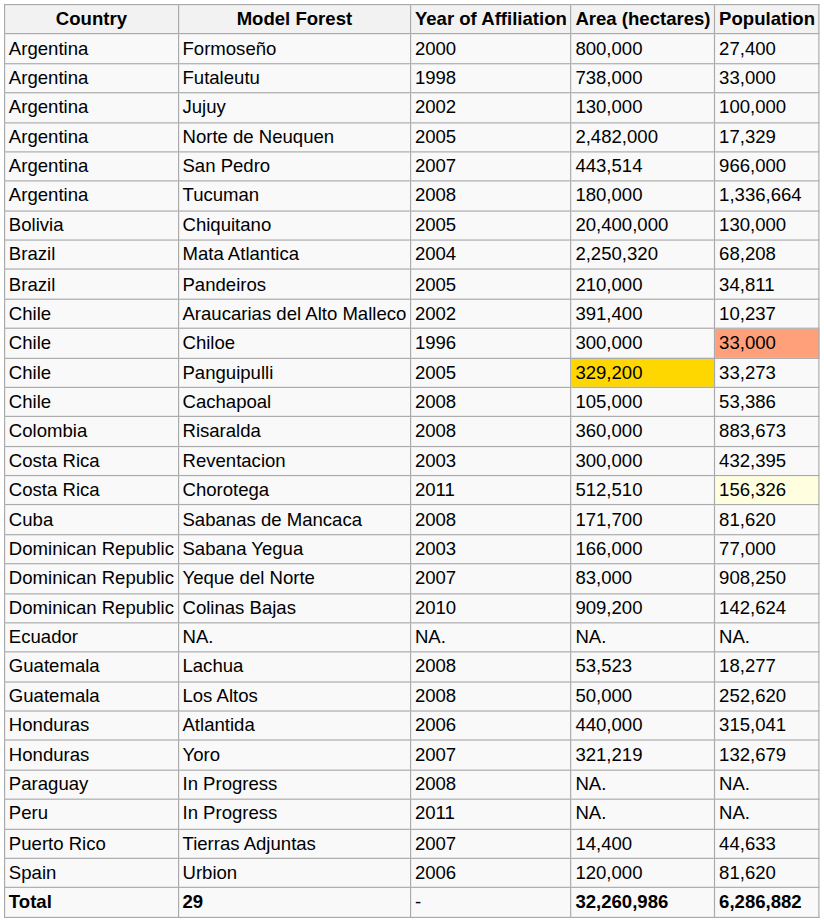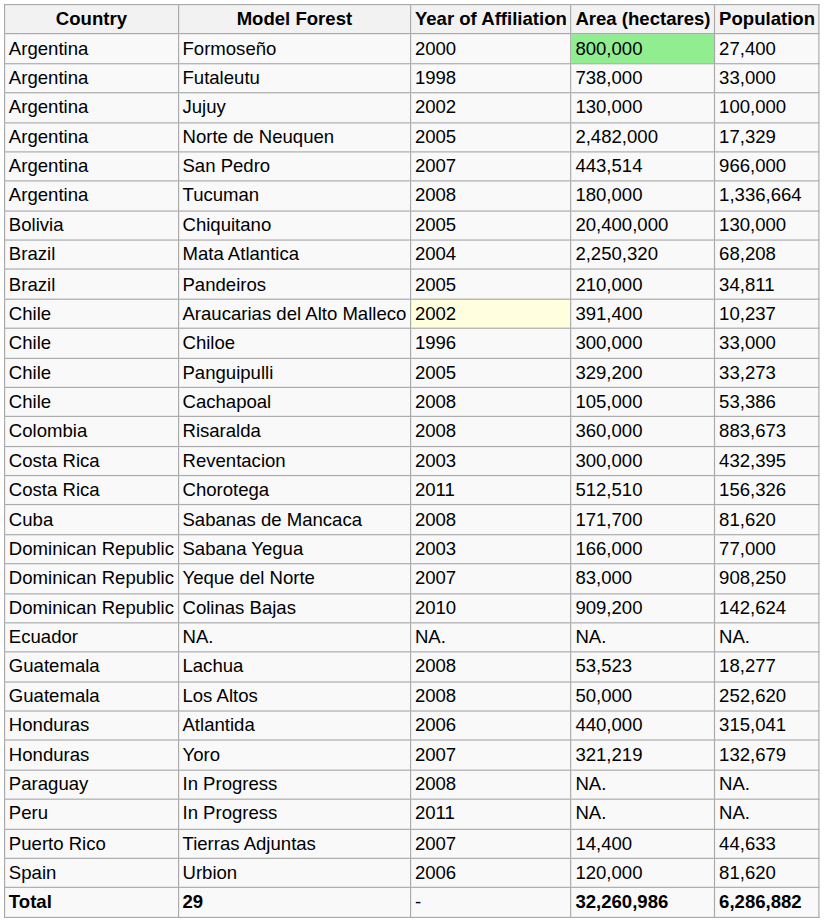 <table class="wikitable sortable">
 <tr>
 <th>Country</th>
 <th>Model Forest</th>
 <th>Year of Affiliation</th>
 <th>Area (hectares)</th>
 <th>Population</th>
 </tr>
 <tr>
 <td>Argentina</td>
 <td>Formoseño</td>
 <td>2000</td>
-<td>800,000</td>
+<td style="background: lightgreen;">800,000</td>
 <td>27,400</td>
 </tr>
 <tr>
 <td>Argentina</td>
 <td>Futaleutu</td>
 <td>1998</td>
 <td>738,000</td>
 <td>33,000</td>
 </tr>
 <tr>
 <td>Argentina</td>
 <td>Jujuy</td>
 <td>2002</td>
 <td>130,000</td>
 <td>100,000</td>
 </tr>
 <tr>
 <td>Argentina</td>
 <td>Norte de Neuquen</td>
 <td>2005</td>
 <td>2,482,000</td>
 <td>17,329</td>
 </tr>
 <tr>
 <td>Argentina</td>
 <td>San Pedro</td>
 <td>2007</td>
 <td>443,514</td>
 <td>966,000</td>
 </tr>
 <tr>
 <td>Argentina</td>
 <td>Tucuman</td>
 <td>2008</td>
 <td>180,000</td>
 <td>1,336,664</td>
 </tr>
 <tr>
 <td>Bolivia</td>
 <td>Chiquitano</td>
 <td>2005</td>
 <td>20,400,000</td>
 <td>130,000</td>
 </tr>
 <tr>
 <td>Brazil</td>
 <td>Mata Atlantica</td>
 <td>2004</td>
 <td>2,250,320</td>
 <td>68,208</td>
 </tr>
 <tr>
 <td>Brazil</td>
 <td>Pandeiros</td>
 <td>2005</td>
 <td>210,000</td>
 <td>34,811</td>
 </tr>
 <tr>
 <td>Chile</td>
 <td>Araucarias del Alto Malleco</td>
-<td>2002</td>
+<td style="background: lightyellow;">2002</td>
 <td>391,400</td>
 <td>10,237</td>
 </tr>
 <tr>
 <td>Chile</td>
 <td>Chiloe</td>
 <td>1996</td>
 <td>300,000</td>
-<td style="background: lightsalmon;">33,000</td>
+<td>33,000</td>
 </tr>
 <tr>
 <td>Chile</td>
 <td>Panguipulli</td>
 <td>2005</td>
-<td style="background: gold;">329,200</td>
+<td>329,200</td>
 <td>33,273</td>
 </tr>
 <tr>
 <td>Chile</td>
 <td>Cachapoal</td>
 <td>2008</td>
 <td>105,000</td>
 <td>53,386</td>
 </tr>
 <tr>
 <td>Colombia</td>
 <td>Risaralda</td>
 <td>2008</td>
 <td>360,000</td>
 <td>883,673</td>
 </tr>
 <tr>
 <td>Costa Rica</td>
 <td>Reventacion</td>
 <td>2003</td>
 <td>300,000</td>
 <td>432,395</td>
 </tr>
 <tr>
 <td>Costa Rica</td>
 <td>Chorotega</td>
 <td>2011</td>
 <td>512,510</td>
-<td style="background: lightyellow;">156,326</td>
+<td>156,326</td>
 </tr>
 <tr>
 <td>Cuba</td>
 <td>Sabanas de Mancaca</td>
 <td>2008</td>
 <td>171,700</td>
 <td>81,620</td>
 </tr>
 <tr>
 <td>Dominican Republic</td>
 <td>Sabana Yegua</td>
 <td>2003</td>
 <td>166,000</td>
 <td>77,000</td>
 </tr>
 <tr>
 <td>Dominican Republic</td>
 <td>Yeque del Norte</td>
 <td>2007</td>
 <td>83,000</td>
 <td>908,250</td>
 </tr>
 <tr>
 <td>Dominican Republic</td>
 <td>Colinas Bajas</td>
 <td>2010</td>
 <td>909,200</td>
 <td>142,624</td>
 </tr>
 <tr>
 <td>Ecuador</td>
 <td>NA.</td>
 <td>NA.</td>
 <td>NA.</td>
 <td>NA.</td>
 </tr>
 <tr>
 <td>Guatemala</td>
 <td>Lachua</td>
 <td>2008</td>
 <td>53,523</td>
 <td>18,277</td>
 </tr>
 <tr>
 <td>Guatemala</td>
 <td>Los Altos</td>
 <td>2008</td>
 <td>50,000</td>
 <td>252,620</td>
 </tr>
 <tr>
 <td>Honduras</td>
 <td>Atlantida</td>
 <td>2006</td>
 <td>440,000</td>
 <td>315,041</td>
 </tr>
 <tr>
 <td>Honduras</td>
 <td>Yoro</td>
 <td>2007</td>
 <td>321,219</td>
 <td>132,679</td>
 </tr>
 <tr>
 <td>Paraguay</td>
 <td>In Progress</td>
 <td>2008</td>
 <td>NA.</td>
 <td>NA.</td>
 </tr>
 <tr>
 <td>Peru</td>
 <td>In Progress</td>
 <td>2011</td>
 <td>NA.</td>
 <td>NA.</td>
 </tr>
 <tr>
 <td>Puerto Rico</td>
 <td>Tierras Adjuntas</td>
 <td>2007</td>
 <td>14,400</td>
 <td>44,633</td>
 </tr>
 <tr>
 <td>Spain</td>
 <td>Urbion</td>
 <td>2006</td>
 <td>120,000</td>
 <td>81,620</td>
 </tr>
 <tr>
 <td><strong>Total</strong></td>
 <td><strong>29</strong></td>
 <td>-</td>
 <td><strong>32,260,986</strong></td>
 <td><strong>6,286,882</strong></td>
 </tr>
 <tr>
 </tr>
 </table>
